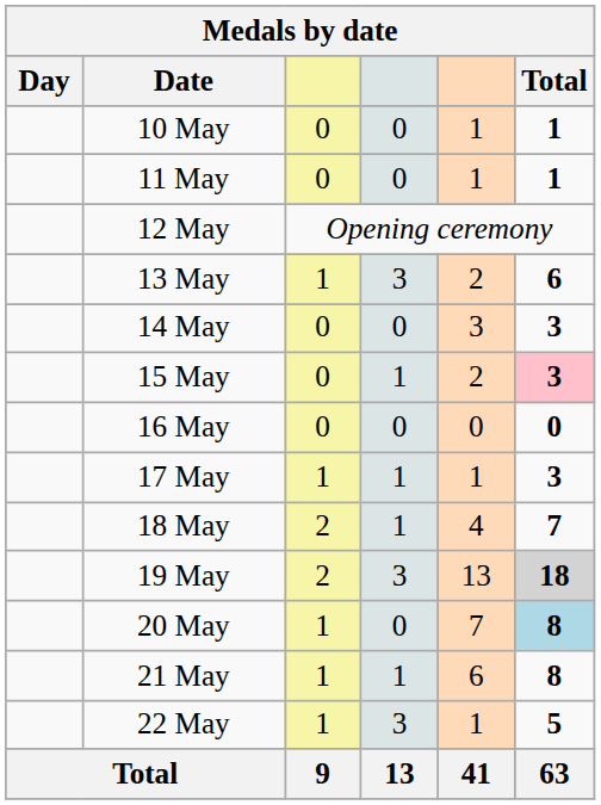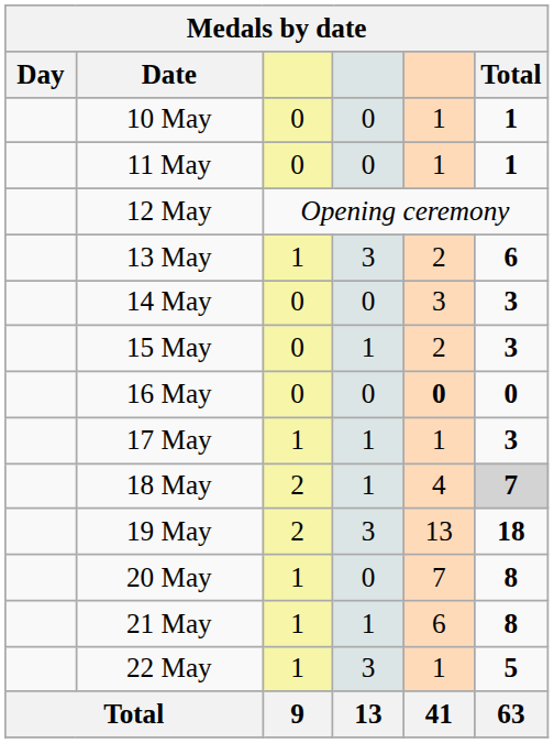 <table class="wikitable" style="font-size:90%; text-align:center;">
 <tr style="background:#efefef;">
 <th colspan=6><strong>Medals by date</strong></th>
 </tr>
 <tr>
 <th width=30><strong>Day</strong></th>
 <th width=90><strong>Date</strong></th>
 <th width=30 style="background:#F7F6A8;"></th>
 <th width=30 style="background:#DCE5E5;"></th>
 <th width=30 style="background:#FFDAB9;"></th>
 <th width=30><strong>Total</strong></th>
 </tr>
 <tr>
 <td></td>
 <td>10 May</td>
 <td style="background:#F7F6A8;">0</td>
 <td style="background:#DCE5E5;">0</td>
 <td style="background:#FFDAB9;">1</td>
 <td><strong>1</strong></td>
 </tr>
 <tr>
 <td></td>
 <td>11 May</td>
 <td style="background:#F7F6A8;">0</td>
 <td style="background:#DCE5E5;">0</td>
 <td style="background:#FFDAB9;">1</td>
 <td><strong>1</strong></td>
 </tr>
 <tr>
 <td></td>
 <td>12 May</td>
 <td colspan="4" style="text-align:left center ;"> <em>Opening ceremony</em></td>
 </tr>
 <tr>
 <td></td>
 <td>13 May</td>
 <td style="background:#F7F6A8;">1</td>
 <td style="background:#DCE5E5;">3</td>
 <td style="background:#FFDAB9;">2</td>
 <td><strong>6</strong></td>
 </tr>
 <tr>
 <td></td>
 <td>14 May</td>
 <td style="background:#F7F6A8;">0</td>
 <td style="background:#DCE5E5;">0</td>
 <td style="background:#FFDAB9;">3</td>
 <td><strong>3</strong></td>
 </tr>
 <tr>
 <td></td>
 <td>15 May</td>
 <td style="background:#F7F6A8;">0</td>
 <td style="background:#DCE5E5;">1</td>
 <td style="background:#FFDAB9;">2</td>
-<td style="background: pink;"><strong>3</strong></td>
+<td><strong>3</strong></td>
 </tr>
 <tr>
 <td></td>
 <td>16 May</td>
 <td style="background:#F7F6A8;">0</td>
 <td style="background:#DCE5E5;">0</td>
-<td style="background:#FFDAB9;">0</td>
+<td style="background:#FFDAB9;"><strong>0</strong></td>
 <td><strong>0</strong></td>
 </tr>
 <tr>
 <td></td>
 <td>17 May</td>
 <td style="background:#F7F6A8;">1</td>
 <td style="background:#DCE5E5;">1</td>
 <td style="background:#FFDAB9;">1</td>
 <td><strong>3</strong></td>
 </tr>
 <tr>
 <td></td>
 <td>18 May</td>
 <td style="background:#F7F6A8;">2</td>
 <td style="background:#DCE5E5;">1</td>
 <td style="background:#FFDAB9;">4</td>
-<td><strong>7</strong></td>
+<td style="background: lightgrey;"><strong>7</strong></td>
 </tr>
 <tr>
 <td></td>
 <td>19 May</td>
 <td style="background:#F7F6A8;">2</td>
 <td style="background:#DCE5E5;">3</td>
 <td style="background:#FFDAB9;">13</td>
-<td style="background: lightgrey;"><strong>18</strong></td>
+<td><strong>18</strong></td>
 </tr>
 <tr>
 <td></td>
 <td>20 May</td>
 <td style="background:#F7F6A8;">1</td>
 <td style="background:#DCE5E5;">0</td>
 <td style="background:#FFDAB9;">7</td>
-<td style="background: lightblue;"><strong>8</strong></td>
+<td><strong>8</strong></td>
 </tr>
 <tr>
 <td></td>
 <td>21 May</td>
 <td style="background:#F7F6A8;">1</td>
 <td style="background:#DCE5E5;">1</td>
 <td style="background:#FFDAB9;">6</td>
 <td><strong>8</strong></td>
 </tr>
 <tr>
 <td></td>
 <td>22 May</td>
 <td style="background:#F7F6A8;">1</td>
 <td style="background:#DCE5E5;">3</td>
 <td style="background:#FFDAB9;">1</td>
 <td><strong>5</strong></td>
 </tr>
 <tr>
 <th colspan="2"><strong>Total</strong></th>
 <th><strong>9</strong></th>
 <th><strong>13</strong></th>
 <th><strong>41</strong></th>
 <th><strong>63</strong></th>
 </tr>
 </table>
